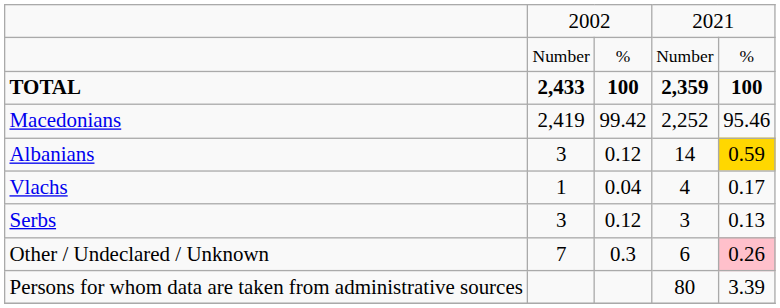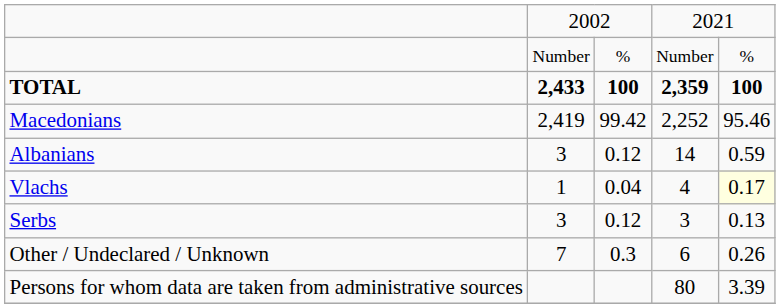 <table class="wikitable">
 <tr>
 <td></td>
 <td colspan="2" align="center">2002</td>
 <td colspan="2" align="center">2021</td>
 </tr>
 <tr>
 <td></td>
 <td align="center"><small>Number</small></td>
 <td align="center"><small>%</small></td>
 <td align="center"><small>Number</small></td>
 <td align="center"><small>%</small></td>
 </tr>
 <tr>
 <td><strong>TOTAL</strong></td>
 <td align="center"><strong>2,433</strong></td>
 <td align="center"><strong>100</strong></td>
 <td align="center"><strong>2,359</strong></td>
 <td align="center"><strong>100</strong></td>
 </tr>
 <tr>
 <td><a href='#'>Macedonians</a></td>
 <td align="center">2,419</td>
 <td align="center">99.42</td>
 <td align="center">2,252</td>
 <td align="center">95.46</td>
 </tr>
 <tr>
 <td><a href='#'>Albanians</a></td>
 <td align="center">3</td>
 <td align="center">0.12</td>
 <td align="center">14</td>
-<td align="center" style="background: gold;">0.59</td>
+<td align="center">0.59</td>
 </tr>
 <tr>
 <td><a href='#'>Vlachs</a></td>
 <td align="center">1</td>
 <td align="center">0.04</td>
 <td align="center">4</td>
-<td align="center">0.17</td>
+<td align="center" style="background: lightyellow;">0.17</td>
 </tr>
 <tr>
 <td><a href='#'>Serbs</a></td>
 <td align="center">3</td>
 <td align="center">0.12</td>
 <td align="center">3</td>
 <td align="center">0.13</td>
 </tr>
 <tr>
 <td>Other / Undeclared / Unknown</td>
 <td align="center">7</td>
 <td align="center">0.3</td>
 <td align="center">6</td>
-<td align="center" style="background: pink;">0.26</td>
+<td align="center">0.26</td>
 </tr>
 <tr>
 <td>Persons for whom data are taken from administrative sources</td>
 <td align="center"></td>
 <td align="center"></td>
 <td align="center">80</td>
 <td align="center">3.39</td>
 </tr>
 <tr>
 </tr>
 </table>
